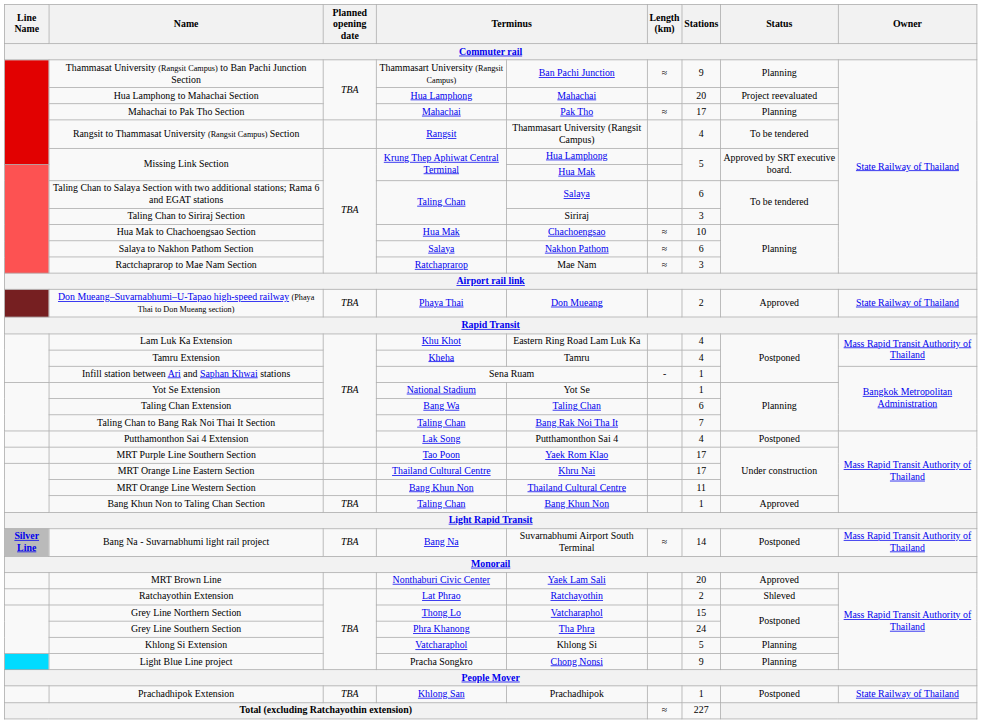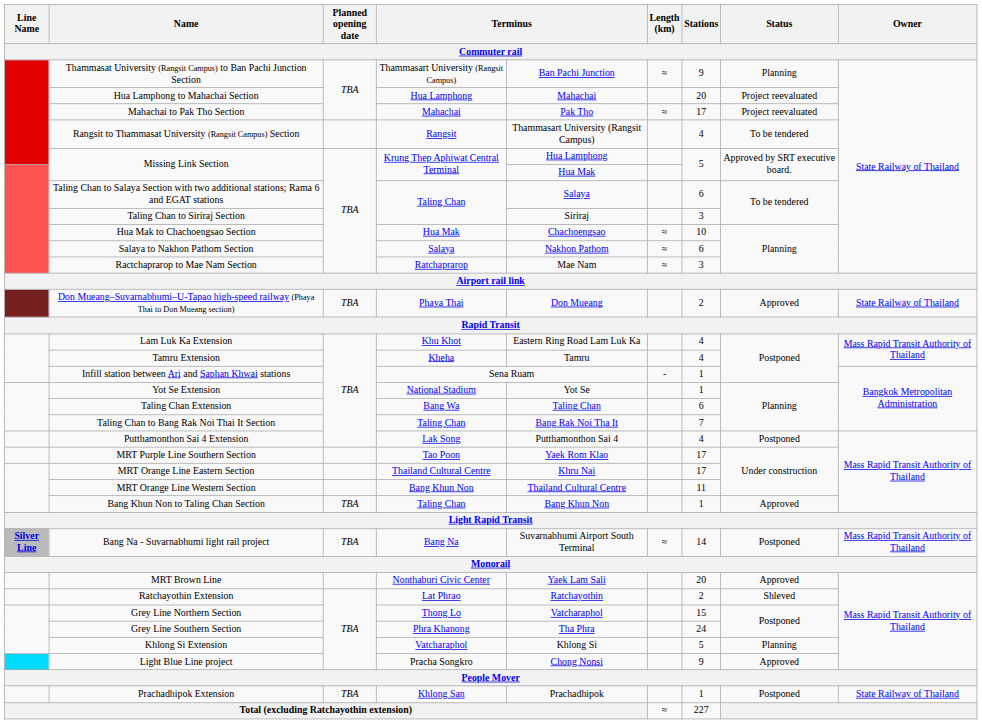 <table class="wikitable" style="margin:auto;font-align:center;text-align:center;font-size:80%;">
 <tr>
 <th>Line Name</th>
 <th>Name</th>
 <th>Planned<br>opening date</th>
 <th colspan="2">Terminus</th>
 <th>Length<br>(km)</th>
 <th>Stations</th>
 <th>Status</th>
 <th>Owner</th>
 </tr>
 <tr>
 <th colspan="9"><strong><a href='#'>Commuter rail</a></strong></th>
 </tr>
 <tr>
 <td rowspan="5" style="background:#E20101 "><strong><a href='#'></a></strong></td>
 <td>Thammasat University <small>(Rangsit Campus)</small> to Ban Pachi Junction Section</td>
 <td rowspan="3"><abbr><em>TBA</em></abbr></td>
 <td>Thammasart University <small>(Rangsit Campus)</small></td>
 <td><a href='#'>Ban Pachi Junction</a></td>
 <td>≈</td>
 <td>9</td>
 <td>Planning</td>
 <td rowspan="11"><a href='#'>State Railway of Thailand</a></td>
 </tr>
 <tr>
 <td>Hua Lamphong to Mahachai Section</td>
 <td><a href='#'>Hua Lamphong</a></td>
 <td><a href='#'>Mahachai</a></td>
 <td></td>
 <td>20</td>
 <td>Project reevaluated</td>
 </tr>
 <tr>
 <td>Mahachai to Pak Tho Section</td>
 <td><a href='#'>Mahachai</a></td>
 <td><a href='#'>Pak Tho</a></td>
 <td>≈</td>
 <td>17</td>
-<td>Planning</td>
+<td>Project reevaluated</td>
 </tr>
 <tr>
 <td>Rangsit to Thammasat University <small>(Rangsit Campus)</small> Section</td>
 <td><em></em></td>
 <td><a href='#'>Rangsit</a></td>
 <td>Thammasart University (Rangsit Campus)</td>
 <td></td>
 <td>4</td>
 <td>To be tendered</td>
 </tr>
 <tr>
 <td rowspan="2">Missing Link Section</td>
 <td rowspan="7"><abbr><em>TBA</em></abbr></td>
 <td rowspan="2"><a href='#'>Krung Thep Aphiwat Central Terminal</a></td>
 <td><a href='#'>Hua Lamphong</a></td>
 <td></td>
 <td rowspan="2">5</td>
 <td rowspan="2">Approved by SRT executive board.</td>
 </tr>
 <tr>
 <td rowspan="6" style="background:#FD5252"><strong><a href='#'></a></strong></td>
 <td><a href='#'>Hua Mak</a></td>
 <td></td>
 </tr>
 <tr>
 <td>Taling Chan to Salaya Section with two additional stations; Rama 6 and EGAT stations</td>
 <td rowspan="2"><a href='#'>Taling Chan</a></td>
 <td><a href='#'>Salaya</a></td>
 <td></td>
 <td>6</td>
 <td rowspan="2">To be tendered</td>
 </tr>
 <tr>
 <td>Taling Chan to Siriraj Section</td>
 <td>Siriraj</td>
 <td></td>
 <td>3</td>
 </tr>
 <tr>
 <td>Hua Mak to Chachoengsao Section</td>
 <td><a href='#'>Hua Mak</a></td>
 <td><a href='#'>Chachoengsao</a></td>
 <td>≈</td>
 <td>10</td>
 <td rowspan="3">Planning</td>
 </tr>
 <tr>
 <td>Salaya to Nakhon Pathom Section</td>
 <td><a href='#'>Salaya</a></td>
 <td><a href='#'>Nakhon Pathom</a></td>
 <td>≈</td>
 <td>6</td>
 </tr>
 <tr>
 <td>Ractchaprarop to Mae Nam Section</td>
 <td><a href='#'>Ratchaprarop</a></td>
 <td>Mae Nam</td>
 <td>≈</td>
 <td>3</td>
 </tr>
 <tr>
 <th colspan="9"><strong><a href='#'>Airport rail link</a></strong></th>
 </tr>
 <tr>
 <td style="background:#761f21"><strong><a href='#'></a></strong></td>
 <td><a href='#'>Don Mueang–Suvarnabhumi–U-Tapao high-speed railway</a> <small>(Phaya Thai to Don Mueang section)</small></td>
 <td><abbr><em>TBA</em></abbr></td>
 <td><a href='#'>Phaya Thai</a></td>
 <td><a href='#'>Don Mueang</a></td>
 <td></td>
 <td>2</td>
 <td>Approved</td>
 <td><a href='#'>State Railway of Thailand</a></td>
 </tr>
 <tr>
 <th colspan="9"><strong><a href='#'>Rapid Transit</a></strong></th>
 </tr>
 <tr>
 <td rowspan="3" style="background:#"><strong><a href='#'></a></strong></td>
 <td>Lam Luk Ka Extension</td>
 <td rowspan="7"><abbr><em>TBA</em></abbr></td>
 <td><a href='#'>Khu Khot</a></td>
 <td>Eastern Ring Road Lam Luk Ka</td>
 <td></td>
 <td>4</td>
 <td rowspan="3">Postponed</td>
 <td rowspan="2"><a href='#'>Mass Rapid Transit Authority of Thailand</a></td>
 </tr>
 <tr>
 <td>Tamru Extension</td>
 <td><a href='#'>Kheha</a></td>
 <td>Tamru</td>
 <td></td>
 <td>4</td>
 </tr>
 <tr>
 <td>Infill station between <a href='#'>Ari</a> and <a href='#'>Saphan Khwai</a> stations</td>
 <td colspan="2">Sena Ruam</td>
 <td>-</td>
 <td>1</td>
 <td rowspan="4"><a href='#'>Bangkok Metropolitan Administration</a></td>
 </tr>
 <tr>
 <td rowspan="3" style="background:#"><strong><a href='#'></a></strong></td>
 <td>Yot Se Extension</td>
 <td><a href='#'>National Stadium</a></td>
 <td>Yot Se</td>
 <td></td>
 <td>1</td>
 <td rowspan="3">Planning</td>
 </tr>
 <tr>
 <td>Taling Chan Extension</td>
 <td><a href='#'>Bang Wa</a></td>
 <td><a href='#'>Taling Chan</a></td>
 <td></td>
 <td>6</td>
 </tr>
 <tr>
 <td>Taling Chan to Bang Rak Noi Thai It Section</td>
 <td><a href='#'>Taling Chan</a></td>
 <td><a href='#'>Bang Rak Noi Tha It</a></td>
 <td></td>
 <td>7</td>
 </tr>
 <tr>
 <td style="background:#"><strong><a href='#'></a></strong></td>
 <td>Putthamonthon Sai 4 Extension</td>
 <td><a href='#'>Lak Song</a></td>
 <td>Putthamonthon Sai 4</td>
 <td></td>
 <td>4</td>
 <td>Postponed</td>
 <td rowspan="5"><a href='#'>Mass Rapid Transit Authority of Thailand</a></td>
 </tr>
 <tr>
 <td style="background:#"><strong><a href='#'></a></strong></td>
 <td>MRT Purple Line Southern Section</td>
 <td><em></em></td>
 <td><a href='#'>Tao Poon</a></td>
 <td><a href='#'>Yaek Rom Klao</a></td>
 <td></td>
 <td>17</td>
 <td rowspan="3">Under construction</td>
 </tr>
 <tr>
 <td rowspan="3" style="background:#"><strong><a href='#'></a></strong></td>
 <td>MRT Orange Line Eastern Section</td>
 <td><em></em></td>
 <td><a href='#'>Thailand Cultural Centre</a></td>
 <td><a href='#'>Khru Nai</a></td>
 <td></td>
 <td>17</td>
 </tr>
 <tr>
 <td>MRT Orange Line Western Section</td>
 <td><em></em></td>
 <td><a href='#'>Bang Khun Non</a></td>
 <td><a href='#'>Thailand Cultural Centre</a></td>
 <td></td>
 <td>11</td>
 </tr>
 <tr>
 <td>Bang Khun Non to Taling Chan Section</td>
 <td><abbr><em>TBA</em></abbr></td>
 <td><a href='#'>Taling Chan</a></td>
 <td><a href='#'>Bang Khun Non</a></td>
 <td></td>
 <td>1</td>
 <td>Approved</td>
 </tr>
 <tr>
 <th colspan="9"><a href='#'>Light Rapid Transit</a></th>
 </tr>
 <tr>
 <td style="background:#BABABA"><strong><a href='#'>Silver Line</a></strong></td>
 <td>Bang Na - Suvarnabhumi light rail project</td>
 <td><abbr><em>TBA</em></abbr></td>
 <td><a href='#'>Bang Na</a></td>
 <td>Suvarnabhumi Airport South Terminal</td>
 <td>≈</td>
 <td>14</td>
 <td>Postponed</td>
 <td><a href='#'>Mass Rapid Transit Authority of Thailand</a></td>
 </tr>
 <tr>
 <th colspan="9"><a href='#'>Monorail</a></th>
 </tr>
 <tr>
 <td style="background:#"><strong><a href='#'></a></strong></td>
 <td>MRT Brown Line</td>
 <td><em></em></td>
 <td><a href='#'>Nonthaburi Civic Center</a></td>
 <td><a href='#'>Yaek Lam Sali</a></td>
 <td></td>
 <td>20</td>
 <td>Approved</td>
 <td rowspan="6"><a href='#'>Mass Rapid Transit Authority of Thailand</a></td>
 </tr>
 <tr>
 <td style="background:#"><strong><a href='#'></a></strong></td>
 <td>Ratchayothin Extension</td>
 <td rowspan="5"><abbr><em>TBA</em></abbr></td>
 <td><a href='#'>Lat Phrao</a></td>
 <td><a href='#'>Ratchayothin</a></td>
 <td></td>
 <td>2</td>
 <td>Shleved</td>
 </tr>
 <tr>
 <td rowspan="3" style="background:#"><strong><a href='#'></a></strong></td>
 <td>Grey Line Northern Section</td>
 <td><a href='#'>Thong Lo</a></td>
 <td><a href='#'>Vatcharaphol</a></td>
 <td></td>
 <td>15</td>
 <td rowspan="2">Postponed</td>
 </tr>
 <tr>
 <td>Grey Line Southern Section</td>
 <td><a href='#'>Phra Khanong</a></td>
 <td><a href='#'>Tha Phra</a></td>
 <td></td>
 <td>24</td>
 </tr>
 <tr>
 <td>Khlong Si Extension</td>
 <td><a href='#'>Vatcharaphol</a></td>
 <td>Khlong Si</td>
 <td></td>
 <td>5</td>
 <td>Planning</td>
 </tr>
 <tr>
 <td style="background:#01DBFF"><strong><a href='#'></a></strong></td>
 <td>Light Blue Line project</td>
 <td>Pracha Songkro</td>
 <td><a href='#'>Chong Nonsi</a></td>
 <td></td>
 <td>9</td>
-<td>Planning</td>
+<td>Approved</td>
 </tr>
 <tr>
 <th colspan="9"><a href='#'>People Mover</a></th>
 </tr>
 <tr>
 <td style="background:#"><strong><a href='#'></a></strong></td>
 <td>Prachadhipok Extension</td>
 <td><abbr><em>TBA</em></abbr></td>
 <td><a href='#'>Khlong San</a></td>
 <td>Prachadhipok</td>
 <td></td>
 <td>1</td>
 <td>Postponed</td>
 <td><a href='#'>State Railway of Thailand</a></td>
 </tr>
 <tr>
 <th colspan="5"><strong>Total</strong> (excluding Ratchayothin extension)</th>
 <td>≈</td>
 <td>227</td>
 <th colspan="2"></th>
 </tr>
 </table>
